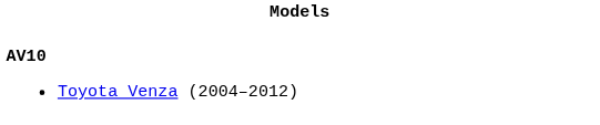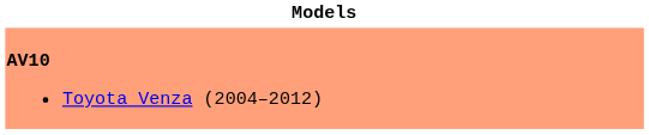 <table>
 <tr>
 <th style="width:50%">Models</th>
 </tr>
 <tr>
-<td style="width:50%"><br><strong>AV10</strong><ul><li><a href='#'>Toyota Venza</a> (2004–2012)</li></ul></td>
+<td style="background: lightsalmon; width:50%"><br><strong>AV10</strong><ul><li><a href='#'>Toyota Venza</a> (2004–2012)</li></ul></td>
 </tr>
 </table>
